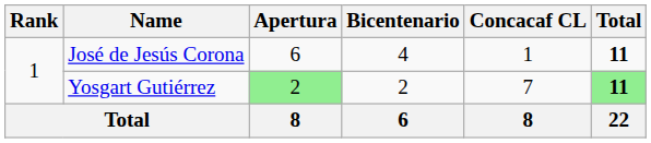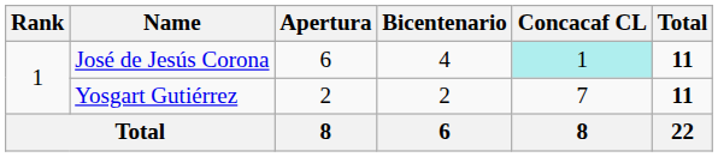 <table class="wikitable" style="text-align: center">
 <tr>
 <th>Rank</th>
 <th>Name</th>
 <th>Apertura</th>
 <th>Bicentenario</th>
 <th>Concacaf CL</th>
 <th>Total</th>
 </tr>
 <tr>
 <td rowspan=2>1</td>
 <td align=left> <a href='#'>José de Jesús Corona</a></td>
 <td>6</td>
 <td>4</td>
-<td>1</td>
+<td style="background: paleturquoise;">1</td>
 <td><strong>11</strong></td>
 </tr>
 <tr>
 <td align=left> <a href='#'>Yosgart Gutiérrez</a></td>
-<td style="background: lightgreen;">2</td>
+<td>2</td>
 <td>2</td>
 <td>7</td>
-<td style="background: lightgreen;"><strong>11</strong></td>
+<td><strong>11</strong></td>
 </tr>
 <tr>
 <th colspan=2>Total</th>
 <th>8</th>
 <th>6</th>
 <th>8</th>
 <th>22</th>
 </tr>
 </table>
